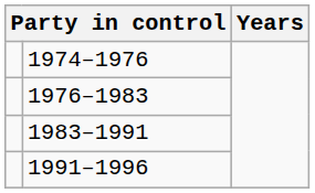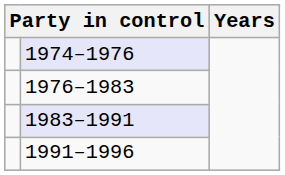 <table class="wikitable">
 <tr>
 <th colspan="2">Party in control</th>
 <th>Years</th>
 </tr>
 <tr>
 <td></td>
-<td>1974–1976</td>
+<td style="background: lavender;">1974–1976</td>
 </tr>
 <tr>
 <td></td>
 <td>1976–1983</td>
 </tr>
 <tr>
 <td></td>
-<td>1983–1991</td>
+<td style="background: lavender;">1983–1991</td>
 </tr>
 <tr>
 <td></td>
 <td>1991–1996</td>
 </tr>
 </table>
